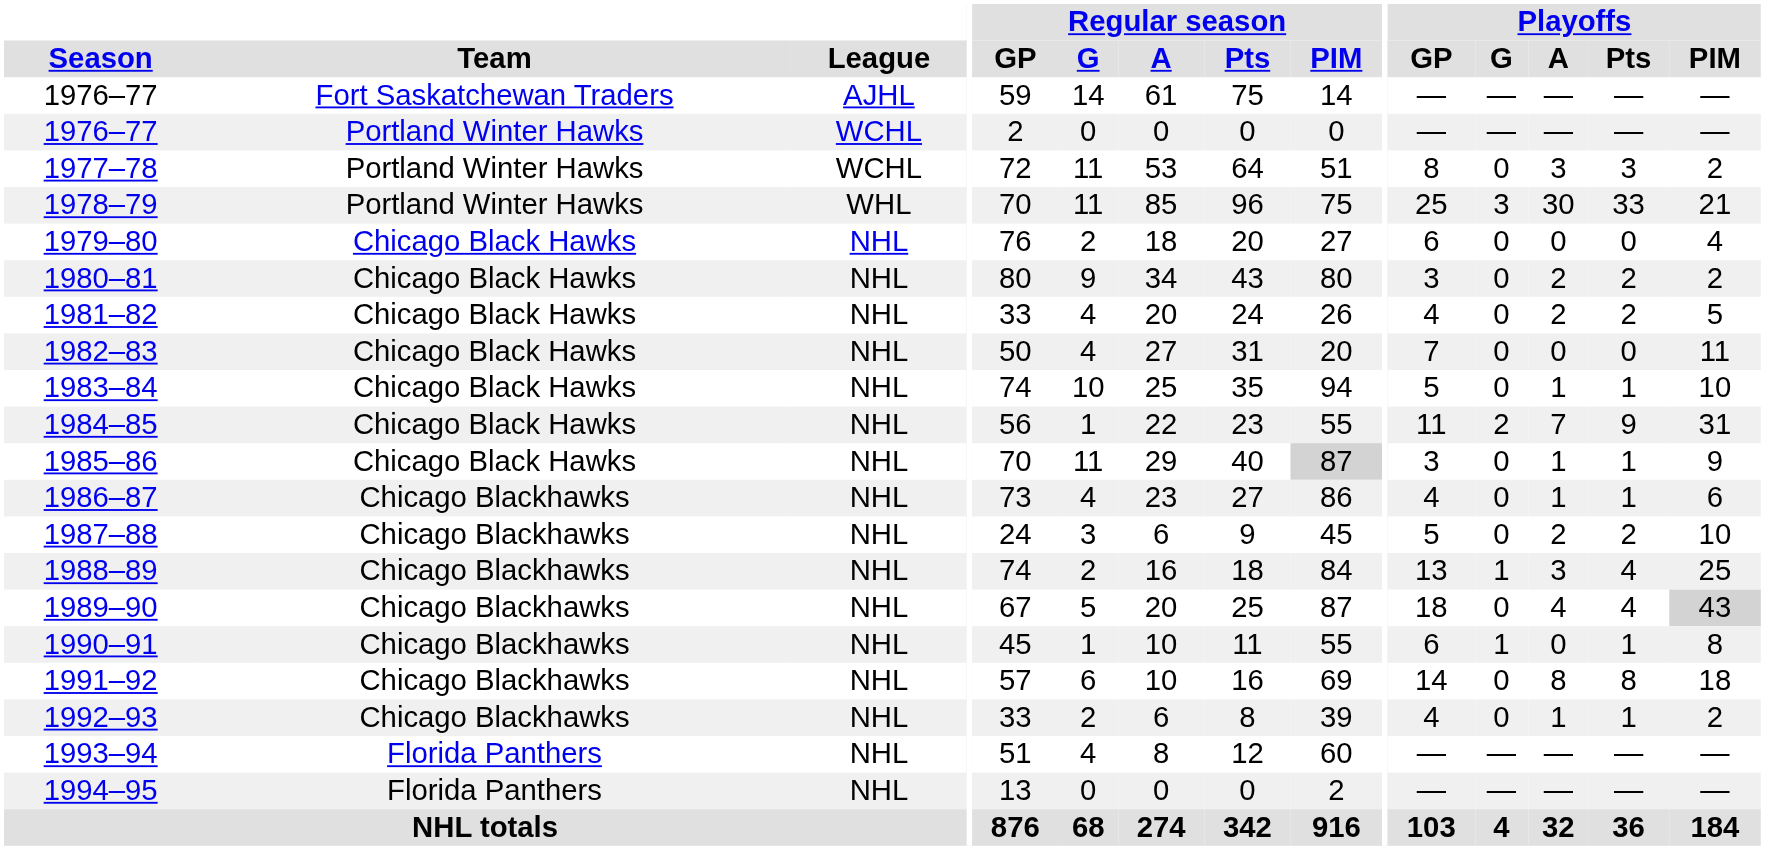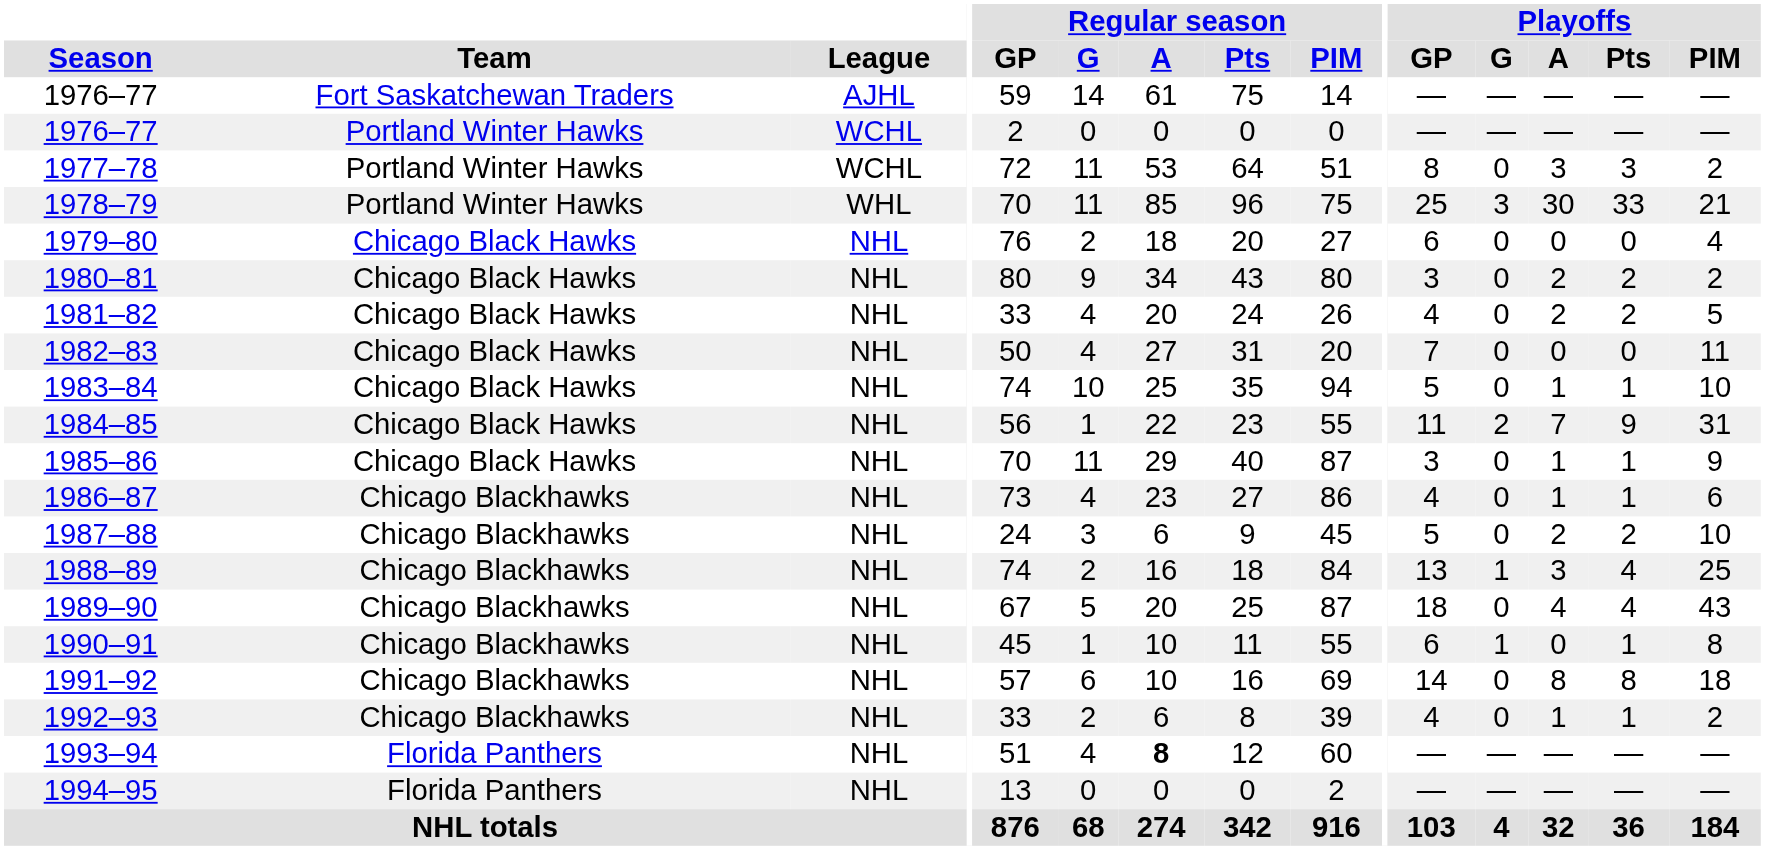 <table border="0" cellpadding="1" cellspacing="0" style="text-align:center; width:60em">
 <tr bgcolor="#e0e0e0">
 <th colspan="3" bgcolor="#ffffff"></th>
 <th rowspan="99" bgcolor="#ffffff"></th>
 <th colspan="5"><a href='#'>Regular season</a></th>
 <th rowspan="99" bgcolor="#ffffff"></th>
 <th colspan="5"><a href='#'>Playoffs</a></th>
 </tr>
 <tr bgcolor="#e0e0e0">
 <th><a href='#'>Season</a></th>
 <th>Team</th>
 <th>League</th>
 <th>GP</th>
 <th><a href='#'>G</a></th>
 <th><a href='#'>A</a></th>
 <th><a href='#'>Pts</a></th>
 <th><a href='#'>PIM</a></th>
 <th>GP</th>
 <th>G</th>
 <th>A</th>
 <th>Pts</th>
 <th>PIM</th>
 </tr>
 <tr>
 <td>1976–77</td>
 <td><a href='#'>Fort Saskatchewan Traders</a></td>
 <td><a href='#'>AJHL</a></td>
 <td>59</td>
 <td>14</td>
 <td>61</td>
 <td>75</td>
 <td>14</td>
 <td>—</td>
 <td>—</td>
 <td>—</td>
 <td>—</td>
 <td>—</td>
 </tr>
 <tr style="background:#f0f0f0;">
 <td><a href='#'>1976–77</a></td>
 <td><a href='#'>Portland Winter Hawks</a></td>
 <td><a href='#'>WCHL</a></td>
 <td>2</td>
 <td>0</td>
 <td>0</td>
 <td>0</td>
 <td>0</td>
 <td>—</td>
 <td>—</td>
 <td>—</td>
 <td>—</td>
 <td>—</td>
 </tr>
 <tr>
 <td><a href='#'>1977–78</a></td>
 <td>Portland Winter Hawks</td>
 <td>WCHL</td>
 <td>72</td>
 <td>11</td>
 <td>53</td>
 <td>64</td>
 <td>51</td>
 <td>8</td>
 <td>0</td>
 <td>3</td>
 <td>3</td>
 <td>2</td>
 </tr>
 <tr style="background:#f0f0f0;">
 <td><a href='#'>1978–79</a></td>
 <td>Portland Winter Hawks</td>
 <td>WHL</td>
 <td>70</td>
 <td>11</td>
 <td>85</td>
 <td>96</td>
 <td>75</td>
 <td>25</td>
 <td>3</td>
 <td>30</td>
 <td>33</td>
 <td>21</td>
 </tr>
 <tr>
 <td><a href='#'>1979–80</a></td>
 <td><a href='#'>Chicago Black Hawks</a></td>
 <td><a href='#'>NHL</a></td>
 <td>76</td>
 <td>2</td>
 <td>18</td>
 <td>20</td>
 <td>27</td>
 <td>6</td>
 <td>0</td>
 <td>0</td>
 <td>0</td>
 <td>4</td>
 </tr>
 <tr style="background:#f0f0f0;">
 <td><a href='#'>1980–81</a></td>
 <td>Chicago Black Hawks</td>
 <td>NHL</td>
 <td>80</td>
 <td>9</td>
 <td>34</td>
 <td>43</td>
 <td>80</td>
 <td>3</td>
 <td>0</td>
 <td>2</td>
 <td>2</td>
 <td>2</td>
 </tr>
 <tr>
 <td><a href='#'>1981–82</a></td>
 <td>Chicago Black Hawks</td>
 <td>NHL</td>
 <td>33</td>
 <td>4</td>
 <td>20</td>
 <td>24</td>
 <td>26</td>
 <td>4</td>
 <td>0</td>
 <td>2</td>
 <td>2</td>
 <td>5</td>
 </tr>
 <tr style="background:#f0f0f0;">
 <td><a href='#'>1982–83</a></td>
 <td>Chicago Black Hawks</td>
 <td>NHL</td>
 <td>50</td>
 <td>4</td>
 <td>27</td>
 <td>31</td>
 <td>20</td>
 <td>7</td>
 <td>0</td>
 <td>0</td>
 <td>0</td>
 <td>11</td>
 </tr>
 <tr>
 <td><a href='#'>1983–84</a></td>
 <td>Chicago Black Hawks</td>
 <td>NHL</td>
 <td>74</td>
 <td>10</td>
 <td>25</td>
 <td>35</td>
 <td>94</td>
 <td>5</td>
 <td>0</td>
 <td>1</td>
 <td>1</td>
 <td>10</td>
 </tr>
 <tr style="background:#f0f0f0;">
 <td><a href='#'>1984–85</a></td>
 <td>Chicago Black Hawks</td>
 <td>NHL</td>
 <td>56</td>
 <td>1</td>
 <td>22</td>
 <td>23</td>
 <td>55</td>
 <td>11</td>
 <td>2</td>
 <td>7</td>
 <td>9</td>
 <td>31</td>
 </tr>
 <tr>
 <td><a href='#'>1985–86</a></td>
 <td>Chicago Black Hawks</td>
 <td>NHL</td>
 <td>70</td>
 <td>11</td>
 <td>29</td>
 <td>40</td>
-<td style="background: lightgrey;">87</td>
+<td>87</td>
 <td>3</td>
 <td>0</td>
 <td>1</td>
 <td>1</td>
 <td>9</td>
 </tr>
 <tr style="background:#f0f0f0;">
 <td><a href='#'>1986–87</a></td>
 <td>Chicago Blackhawks</td>
 <td>NHL</td>
 <td>73</td>
 <td>4</td>
 <td>23</td>
 <td>27</td>
 <td>86</td>
 <td>4</td>
 <td>0</td>
 <td>1</td>
 <td>1</td>
 <td>6</td>
 </tr>
 <tr>
 <td><a href='#'>1987–88</a></td>
 <td>Chicago Blackhawks</td>
 <td>NHL</td>
 <td>24</td>
 <td>3</td>
 <td>6</td>
 <td>9</td>
 <td>45</td>
 <td>5</td>
 <td>0</td>
 <td>2</td>
 <td>2</td>
 <td>10</td>
 </tr>
 <tr style="background:#f0f0f0;">
 <td><a href='#'>1988–89</a></td>
 <td>Chicago Blackhawks</td>
 <td>NHL</td>
 <td>74</td>
 <td>2</td>
 <td>16</td>
 <td>18</td>
 <td>84</td>
 <td>13</td>
 <td>1</td>
 <td>3</td>
 <td>4</td>
 <td>25</td>
 </tr>
 <tr>
 <td><a href='#'>1989–90</a></td>
 <td>Chicago Blackhawks</td>
 <td>NHL</td>
 <td>67</td>
 <td>5</td>
 <td>20</td>
 <td>25</td>
 <td>87</td>
 <td>18</td>
 <td>0</td>
 <td>4</td>
 <td>4</td>
-<td style="background: lightgrey;">43</td>
+<td>43</td>
 </tr>
 <tr style="background:#f0f0f0;">
 <td><a href='#'>1990–91</a></td>
 <td>Chicago Blackhawks</td>
 <td>NHL</td>
 <td>45</td>
 <td>1</td>
 <td>10</td>
 <td>11</td>
 <td>55</td>
 <td>6</td>
 <td>1</td>
 <td>0</td>
 <td>1</td>
 <td>8</td>
 </tr>
 <tr>
 <td><a href='#'>1991–92</a></td>
 <td>Chicago Blackhawks</td>
 <td>NHL</td>
 <td>57</td>
 <td>6</td>
 <td>10</td>
 <td>16</td>
 <td>69</td>
 <td>14</td>
 <td>0</td>
 <td>8</td>
 <td>8</td>
 <td>18</td>
 </tr>
 <tr style="background:#f0f0f0;">
 <td><a href='#'>1992–93</a></td>
 <td>Chicago Blackhawks</td>
 <td>NHL</td>
 <td>33</td>
 <td>2</td>
 <td>6</td>
 <td>8</td>
 <td>39</td>
 <td>4</td>
 <td>0</td>
 <td>1</td>
 <td>1</td>
 <td>2</td>
 </tr>
 <tr>
 <td><a href='#'>1993–94</a></td>
 <td><a href='#'>Florida Panthers</a></td>
 <td>NHL</td>
 <td>51</td>
 <td>4</td>
-<td>8</td>
+<td><strong>8</strong></td>
 <td>12</td>
 <td>60</td>
 <td>—</td>
 <td>—</td>
 <td>—</td>
 <td>—</td>
 <td>—</td>
 </tr>
 <tr style="background:#f0f0f0;">
 <td><a href='#'>1994–95</a></td>
 <td>Florida Panthers</td>
 <td>NHL</td>
 <td>13</td>
 <td>0</td>
 <td>0</td>
 <td>0</td>
 <td>2</td>
 <td>—</td>
 <td>—</td>
 <td>—</td>
 <td>—</td>
 <td>—</td>
 </tr>
 <tr style="background:#e0e0e0;">
 <th colspan="3">NHL totals</th>
 <th>876</th>
 <th>68</th>
 <th>274</th>
 <th>342</th>
 <th>916</th>
 <th>103</th>
 <th>4</th>
 <th>32</th>
 <th>36</th>
 <th>184</th>
 </tr>
 </table>
